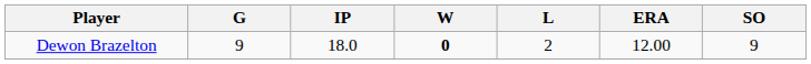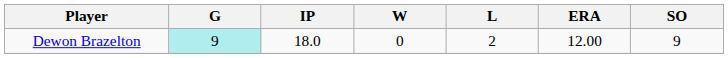 <table class="wikitable sortable">
 <tr>
 <th bgcolor="#DDDDFF" width="16%">Player</th>
 <th bgcolor="#DDDDFF" width="9%">G</th>
 <th bgcolor="#DDDDFF" width="9%">IP</th>
 <th bgcolor="#DDDDFF" width="9%">W</th>
 <th bgcolor="#DDDDFF" width="9%">L</th>
 <th bgcolor="#DDDDFF" width="9%">ERA</th>
 <th bgcolor="#DDDDFF" width="9%">SO</th>
 </tr>
 <tr align="center">
 <td><a href='#'>Dewon Brazelton</a></td>
-<td>9</td>
+<td style="background: paleturquoise;">9</td>
 <td>18.0</td>
-<td><strong>0</strong></td>
+<td>0</td>
 <td>2</td>
 <td>12.00</td>
 <td>9</td>
 </tr>
 <tr align="center">
 </tr>
 </table>
